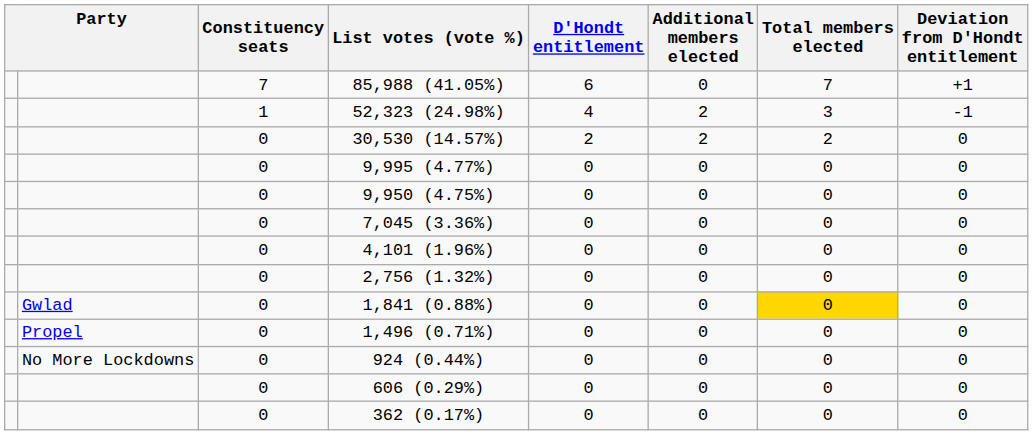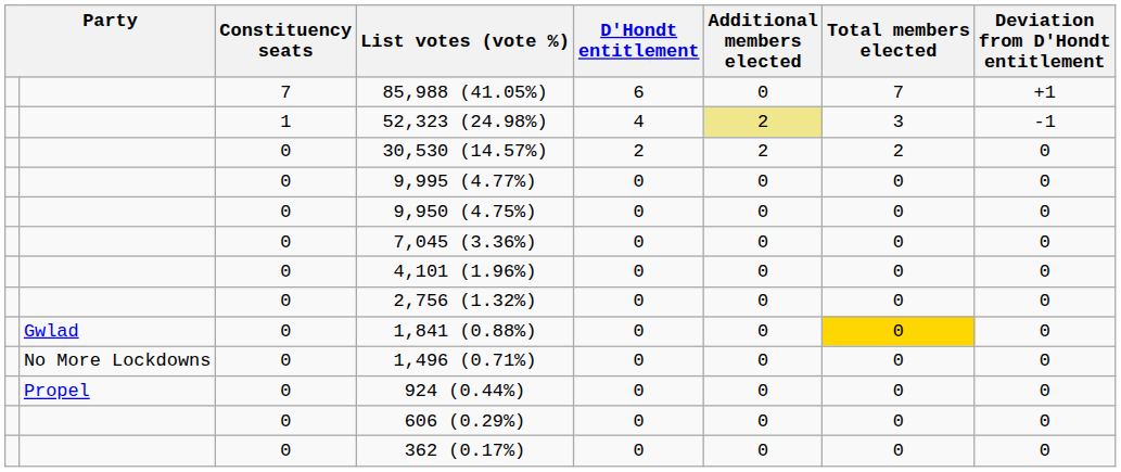 <table class="wikitable" style="text-align:center">
 <tr>
 <th colspan="2" rowspan="1" align="center" valign="top">Party</th>
 <th>Constituency<br>seats</th>
 <th>List votes (vote %)</th>
 <th><a href='#'>D'Hondt<br>entitlement</a></th>
 <th>Additional<br>members<br>elected</th>
 <th>Total members<br>elected</th>
 <th>Deviation<br>from D'Hondt<br>entitlement</th>
 </tr>
 <tr>
 <td style="width: 4px"></td>
 <td style="text-align: left;" scope="row"><a href='#'></a></td>
 <td>7</td>
 <td>85,988 (41.05%)</td>
 <td>6</td>
 <td>0</td>
 <td>7</td>
 <td>+1</td>
 </tr>
 <tr>
 <td style="width: 4px"></td>
 <td style="text-align: left;" scope="row"><a href='#'></a></td>
 <td>1</td>
 <td>52,323 (24.98%)</td>
 <td>4</td>
-<td>2</td>
+<td style="background: khaki;">2</td>
 <td>3</td>
 <td>-1</td>
 </tr>
 <tr>
 <td style="width: 4px"></td>
 <td style="text-align: left;" scope="row"><a href='#'></a></td>
 <td>0</td>
 <td>30,530 (14.57%)</td>
 <td>2</td>
 <td>2</td>
 <td>2</td>
 <td>0</td>
 </tr>
 <tr>
 <td style="width: 4px"></td>
 <td style="text-align: left;" scope="row"><a href='#'></a></td>
 <td>0</td>
 <td>9,995 (4.77%)</td>
 <td>0</td>
 <td>0</td>
 <td>0</td>
 <td>0</td>
 </tr>
 <tr>
 <td style="width: 4px"></td>
 <td style="text-align: left;" scope="row"><a href='#'></a></td>
 <td>0</td>
 <td>9,950 (4.75%)</td>
 <td>0</td>
 <td>0</td>
 <td>0</td>
 <td>0</td>
 </tr>
 <tr>
 <td style="width: 4px"></td>
 <td style="text-align: left;" scope="row"><a href='#'></a></td>
 <td>0</td>
 <td>7,045 (3.36%)</td>
 <td>0</td>
 <td>0</td>
 <td>0</td>
 <td>0</td>
 </tr>
 <tr>
 <td style="width: 4px"></td>
 <td style="text-align: left;" scope="row"><a href='#'></a></td>
 <td>0</td>
 <td>4,101 (1.96%)</td>
 <td>0</td>
 <td>0</td>
 <td>0</td>
 <td>0</td>
 </tr>
 <tr>
 <td style="width: 4px"></td>
 <td style="text-align: left;" scope="row"><a href='#'></a></td>
 <td>0</td>
 <td>2,756 (1.32%)</td>
 <td>0</td>
 <td>0</td>
 <td>0</td>
 <td>0</td>
 </tr>
 <tr>
 <td style="width: 4px"></td>
 <td style="text-align: left;" scope="row"><a href='#'>Gwlad</a></td>
 <td>0</td>
 <td>1,841 (0.88%)</td>
 <td>0</td>
 <td>0</td>
 <td style="background: gold;">0</td>
 <td>0</td>
 </tr>
 <tr>
 <td style="width: 4px"></td>
-<td style="text-align: left;" scope="row"><a href='#'>Propel</a></td>
+<td style="text-align: left;" scope="row">No More Lockdowns</td>
 <td>0</td>
 <td>1,496 (0.71%)</td>
 <td>0</td>
 <td>0</td>
 <td>0</td>
 <td>0</td>
 </tr>
 <tr>
 <td style="width: 4px"></td>
-<td style="text-align: left;" scope="row">No More Lockdowns</td>
+<td style="text-align: left;" scope="row"><a href='#'>Propel</a></td>
 <td>0</td>
 <td>924 (0.44%)</td>
 <td>0</td>
 <td>0</td>
 <td>0</td>
 <td>0</td>
 </tr>
 <tr>
 <td style="width: 4px"></td>
 <td style="text-align: left;" scope="row"><a href='#'></a></td>
 <td>0</td>
 <td>606 (0.29%)</td>
 <td>0</td>
 <td>0</td>
 <td>0</td>
 <td>0</td>
 </tr>
 <tr>
 <td style="width: 4px"></td>
 <td style="text-align: left;" scope="row"><a href='#'></a></td>
 <td>0</td>
 <td>362 (0.17%)</td>
 <td>0</td>
 <td>0</td>
 <td>0</td>
 <td>0</td>
 </tr>
 </table>
